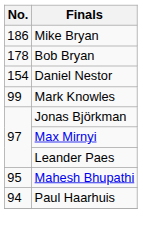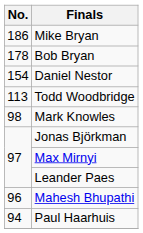 <table class="wikitable" style="display: inline-table;">
 <tr>
 <th>No.</th>
 <th>Finals</th>
 </tr>
 <tr>
 <td>186</td>
 <td> Mike Bryan</td>
 </tr>
 <tr>
 <td>178</td>
 <td> Bob Bryan</td>
 </tr>
 <tr>
 <td>154</td>
 <td> Daniel Nestor</td>
 </tr>
 <tr>
-<td>99</td>
+<td>113</td>
+<td> Todd Woodbridge</td>
+</tr>
+<tr>
+<td>98</td>
 <td> Mark Knowles</td>
 </tr>
 <tr>
 <td rowspan="3">97</td>
 <td> Jonas Björkman</td>
 </tr>
 <tr>
 <td> <a href='#'>Max Mirnyi</a></td>
 </tr>
 <tr>
 <td> Leander Paes</td>
 </tr>
 <tr>
-<td>95</td>
+<td>96</td>
 <td> <a href='#'>Mahesh Bhupathi</a></td>
 </tr>
 <tr>
 <td>94</td>
 <td> Paul Haarhuis</td>
 </tr>
 <tr>
 </tr>
 </table>
